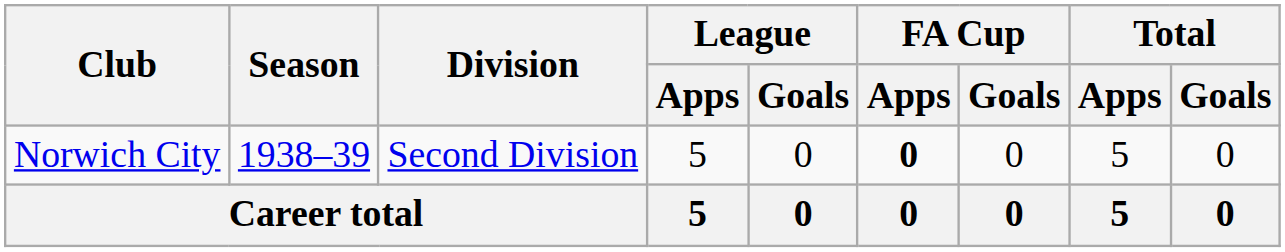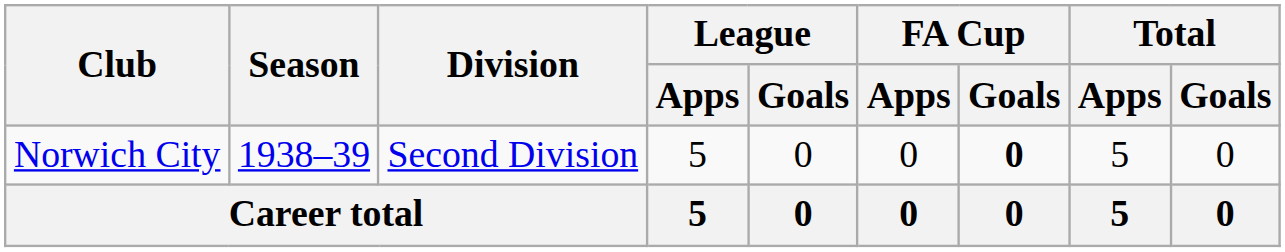 <table class="wikitable" style="text-align:center;">
 <tr>
 <th rowspan="2">Club</th>
 <th rowspan="2">Season</th>
 <th rowspan="2">Division</th>
 <th colspan="2">League</th>
 <th colspan="2">FA Cup</th>
 <th colspan="2">Total</th>
 </tr>
 <tr>
 <th>Apps</th>
 <th>Goals</th>
 <th>Apps</th>
 <th>Goals</th>
 <th>Apps</th>
 <th>Goals</th>
 </tr>
 <tr>
 <td><a href='#'>Norwich City</a></td>
 <td><a href='#'>1938–39</a></td>
 <td><a href='#'>Second Division</a></td>
 <td>5</td>
 <td>0</td>
+<td>0</td>
 <td><strong>0</strong></td>
-<td>0</td>
 <td>5</td>
 <td>0</td>
 </tr>
 <tr>
 <th colspan="3">Career total</th>
 <th>5</th>
 <th>0</th>
 <th>0</th>
 <th>0</th>
 <th>5</th>
 <th>0</th>
 </tr>
 </table>
